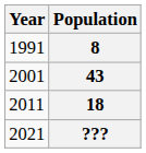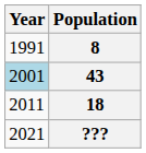 <table class="wikitable sortable plainrowheaders">
 <tr>
 <th scope="col">Year</th>
 <th scope="col">Population</th>
 </tr>
 <tr>
 <td>1991</td>
 <th scope="row">8</th>
 </tr>
 <tr>
-<td>2001</td>
+<td style="background: lightblue;">2001</td>
 <th scope="row">43</th>
 </tr>
 <tr>
 <td>2011</td>
 <th scope="row">18</th>
 </tr>
 <tr>
 <td>2021</td>
 <th scope="row">???</th>
 </tr>
 </table>
